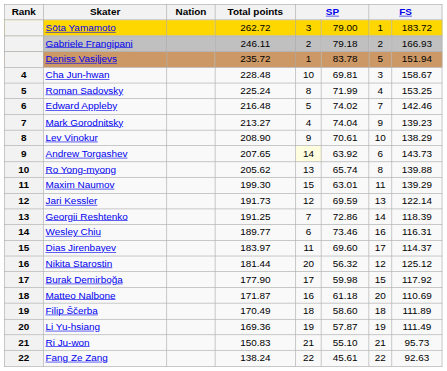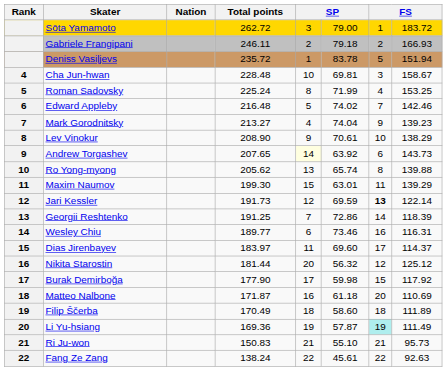 <table class="wikitable sortable" style="text-align:center;" width="80%">
 <tr>
 <th scope="col">Rank</th>
 <th scope="col">Skater</th>
 <th scope="col">Nation</th>
 <th scope="col">Total points</th>
 <th scope="col" colspan="2" width="80px"><a href='#'>SP</a></th>
 <th scope="col" colspan="2" width="80px"><a href='#'>FS</a></th>
 </tr>
 <tr bgcolor="gold">
 <th scope="row"></th>
 <td align="left"><a href='#'>Sōta Yamamoto</a></td>
 <td align="left"></td>
 <td>262.72</td>
 <td>3</td>
 <td>79.00</td>
 <td>1</td>
 <td>183.72</td>
 </tr>
 <tr bgcolor="silver">
 <th scope="row"></th>
 <td align="left"><a href='#'>Gabriele Frangipani</a></td>
 <td align="left"></td>
 <td>246.11</td>
 <td>2</td>
 <td>79.18</td>
 <td>2</td>
 <td>166.93</td>
 </tr>
 <tr bgcolor="cc9966">
 <th scope="row"></th>
 <td align="left"><a href='#'>Deniss Vasiļjevs</a></td>
 <td align="left"></td>
 <td>235.72</td>
 <td>1</td>
 <td>83.78</td>
 <td>5</td>
 <td>151.94</td>
 </tr>
 <tr>
 <th scope="row">4</th>
 <td align="left"><a href='#'>Cha Jun-hwan</a></td>
 <td align="left"></td>
 <td>228.48</td>
 <td>10</td>
 <td>69.81</td>
 <td>3</td>
 <td>158.67</td>
 </tr>
 <tr>
 <th scope="row">5</th>
 <td align="left"><a href='#'>Roman Sadovsky</a></td>
 <td align="left"></td>
 <td>225.24</td>
 <td>8</td>
 <td>71.99</td>
 <td>4</td>
 <td>153.25</td>
 </tr>
 <tr>
 <th scope="row">6</th>
 <td align="left"><a href='#'>Edward Appleby</a></td>
 <td align="left"></td>
 <td>216.48</td>
 <td>5</td>
 <td>74.02</td>
 <td>7</td>
 <td>142.46</td>
 </tr>
 <tr>
 <th scope="row">7</th>
 <td align="left"><a href='#'>Mark Gorodnitsky</a></td>
 <td align="left"></td>
 <td>213.27</td>
 <td>4</td>
 <td>74.04</td>
 <td>9</td>
 <td>139.23</td>
 </tr>
 <tr>
 <th scope="row">8</th>
 <td align="left"><a href='#'>Lev Vinokur</a></td>
 <td align="left"></td>
 <td>208.90</td>
 <td>9</td>
 <td>70.61</td>
 <td>10</td>
 <td>138.29</td>
 </tr>
 <tr>
 <th scope="row">9</th>
 <td align="left"><a href='#'>Andrew Torgashev</a></td>
 <td align="left"></td>
 <td>207.65</td>
 <td style="background: lightyellow;">14</td>
 <td>63.92</td>
 <td>6</td>
 <td>143.73</td>
 </tr>
 <tr>
 <th scope="row">10</th>
 <td align="left"><a href='#'>Ro Yong-myong</a></td>
 <td align="left"></td>
 <td>205.62</td>
 <td>13</td>
 <td>65.74</td>
 <td>8</td>
 <td>139.88</td>
 </tr>
 <tr>
 <th scope="row">11</th>
 <td align="left"><a href='#'>Maxim Naumov</a></td>
 <td align="left"></td>
 <td>199.30</td>
 <td>15</td>
 <td>63.01</td>
 <td>11</td>
 <td>139.29</td>
 </tr>
 <tr>
 <th scope="row">12</th>
 <td align="left"><a href='#'>Jari Kessler</a></td>
 <td align="left"></td>
 <td>191.73</td>
 <td>12</td>
 <td>69.59</td>
-<td>13</td>
+<td><strong>13</strong></td>
 <td>122.14</td>
 </tr>
 <tr>
 <th scope="row">13</th>
 <td align="left"><a href='#'>Georgii Reshtenko</a></td>
 <td align="left"></td>
 <td>191.25</td>
 <td>7</td>
 <td>72.86</td>
 <td>14</td>
 <td>118.39</td>
 </tr>
 <tr>
 <th scope="row">14</th>
 <td align="left"><a href='#'>Wesley Chiu</a></td>
 <td align="left"></td>
 <td>189.77</td>
 <td>6</td>
 <td>73.46</td>
 <td>16</td>
 <td>116.31</td>
 </tr>
 <tr>
 <th scope="row">15</th>
 <td align="left"><a href='#'>Dias Jirenbayev</a></td>
 <td align="left"></td>
 <td>183.97</td>
 <td>11</td>
 <td>69.60</td>
 <td>17</td>
 <td>114.37</td>
 </tr>
 <tr>
 <th scope="row">16</th>
 <td align="left"><a href='#'>Nikita Starostin</a></td>
 <td align="left"></td>
 <td>181.44</td>
 <td>20</td>
 <td>56.32</td>
 <td>12</td>
 <td>125.12</td>
 </tr>
 <tr>
 <th scope="row">17</th>
 <td align="left"><a href='#'>Burak Demirboğa</a></td>
 <td align="left"></td>
 <td>177.90</td>
 <td>17</td>
 <td>59.98</td>
 <td>15</td>
 <td>117.92</td>
 </tr>
 <tr>
 <th scope="row">18</th>
 <td align="left"><a href='#'>Matteo Nalbone</a></td>
 <td align="left"></td>
 <td>171.87</td>
 <td>16</td>
 <td>61.18</td>
 <td>20</td>
 <td>110.69</td>
 </tr>
 <tr>
 <th scope="row">19</th>
 <td align="left"><a href='#'>Filip Ščerba</a></td>
 <td align="left"></td>
 <td>170.49</td>
 <td>18</td>
 <td>58.60</td>
 <td>18</td>
 <td>111.89</td>
 </tr>
 <tr>
 <th scope="row">20</th>
 <td align="left"><a href='#'>Li Yu-hsiang</a></td>
 <td align="left"></td>
 <td>169.36</td>
 <td>19</td>
 <td>57.87</td>
-<td>19</td>
+<td style="background: paleturquoise;">19</td>
 <td>111.49</td>
 </tr>
 <tr>
 <th scope="row">21</th>
 <td align="left"><a href='#'>Ri Ju-won</a></td>
 <td align="left"></td>
 <td>150.83</td>
 <td>21</td>
 <td>55.10</td>
 <td>21</td>
 <td>95.73</td>
 </tr>
 <tr>
 <th scope="row">22</th>
 <td align="left"><a href='#'>Fang Ze Zang</a></td>
 <td align="left"></td>
 <td>138.24</td>
 <td>22</td>
 <td>45.61</td>
 <td>22</td>
 <td>92.63</td>
 </tr>
 </table>
